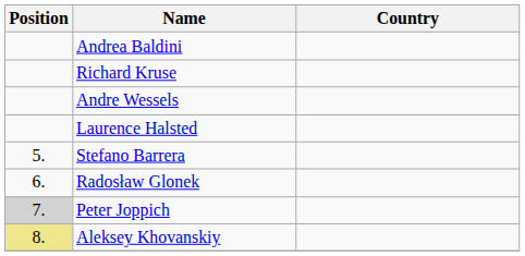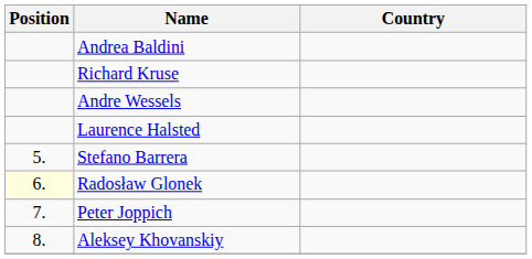 <table class="wikitable">
 <tr>
 <th width="20">Position</th>
 <th width="200">Name</th>
 <th width="200">Country</th>
 </tr>
 <tr>
 <td align="center"></td>
 <td><a href='#'>Andrea Baldini</a></td>
 <td></td>
 </tr>
 <tr>
 <td align="center"></td>
 <td><a href='#'>Richard Kruse</a></td>
 <td></td>
 </tr>
 <tr>
 <td align="center"></td>
 <td><a href='#'>Andre Wessels</a></td>
 <td></td>
 </tr>
 <tr>
 <td align="center"></td>
 <td><a href='#'>Laurence Halsted</a></td>
 <td></td>
 </tr>
 <tr>
 <td align="center">5.</td>
 <td><a href='#'>Stefano Barrera</a></td>
 <td></td>
 </tr>
 <tr>
-<td align="center">6.</td>
+<td align="center" style="background: lightyellow;">6.</td>
 <td><a href='#'>Radosław Glonek</a></td>
 <td></td>
 </tr>
 <tr>
-<td align="center" style="background: lightgrey;">7.</td>
+<td align="center">7.</td>
 <td><a href='#'>Peter Joppich</a></td>
 <td></td>
 </tr>
 <tr>
-<td align="center" style="background: khaki;">8.</td>
+<td align="center">8.</td>
 <td><a href='#'>Aleksey Khovanskiy</a></td>
 <td></td>
 </tr>
 <tr>
 </tr>
 </table>
